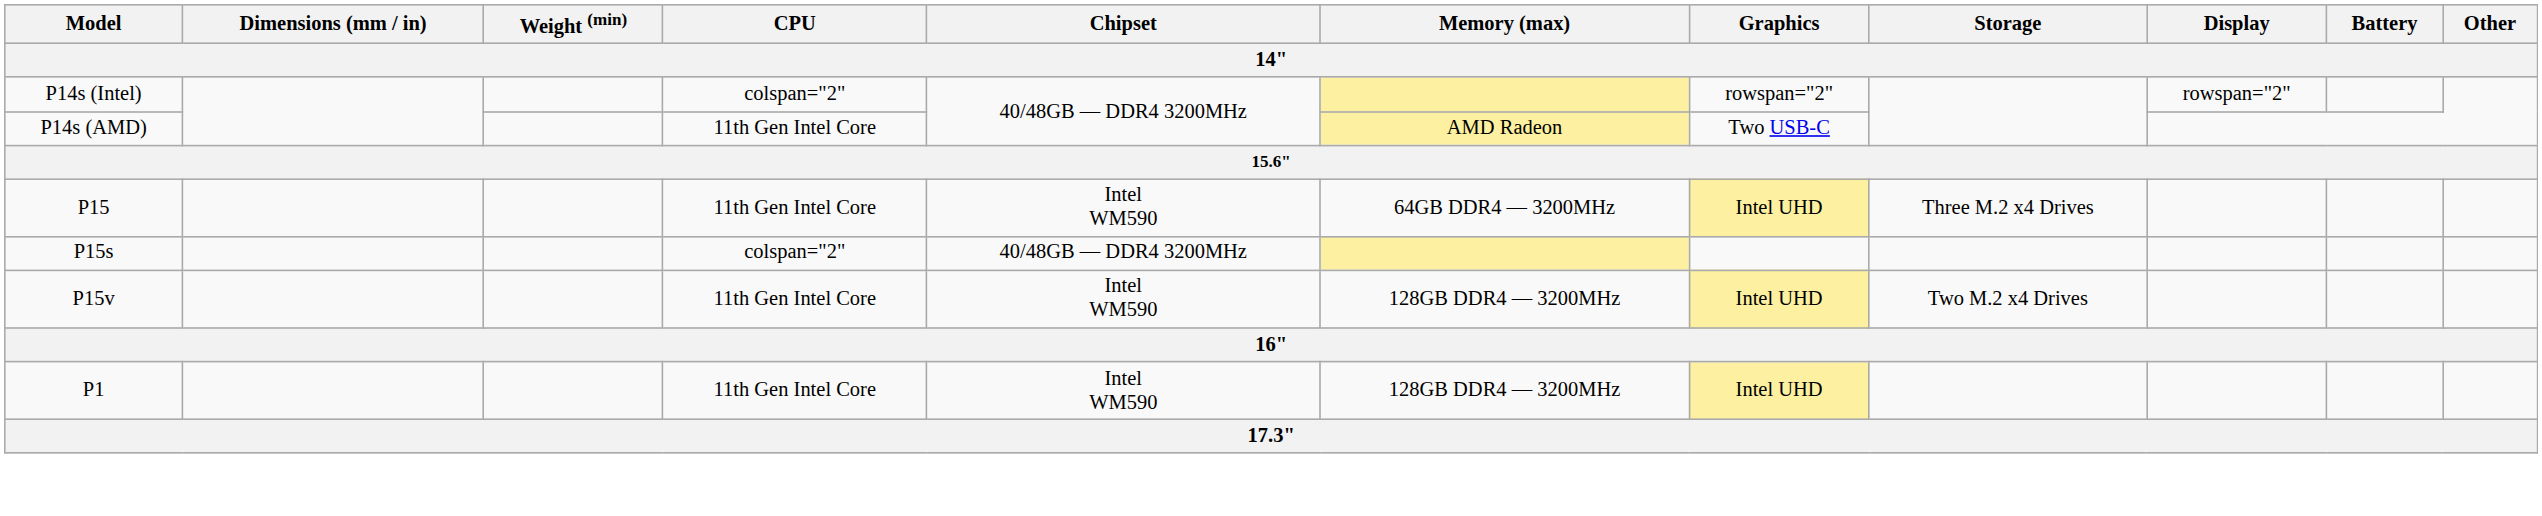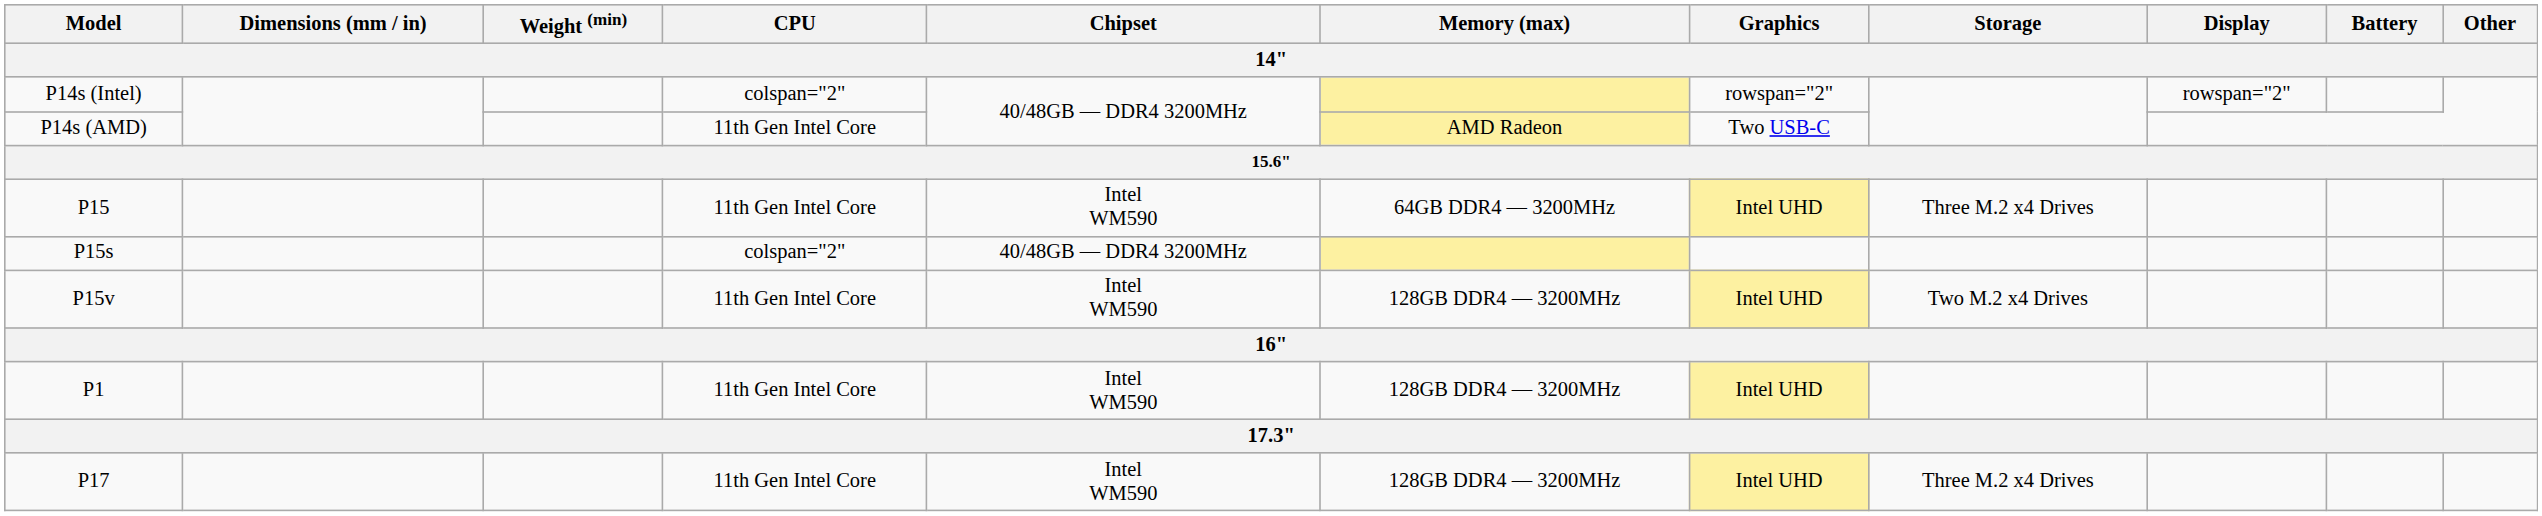 <table class="wikitable" style="font-size: 80%; text-align: center; min-width: 100%;">
 <tr>
 <th>Model</th>
 <th>Dimensions (mm / in)</th>
 <th>Weight <sup>(min)</sup></th>
 <th>CPU</th>
 <th>Chipset</th>
 <th>Memory (max)</th>
 <th>Graphics</th>
 <th>Storage</th>
 <th>Display</th>
 <th>Battery</th>
 <th>Other</th>
 </tr>
 <tr>
 <th colspan="11">14"</th>
 </tr>
 <tr>
 <td>P14s  (Intel)</td>
 <td rowspan="2"></td>
 <td></td>
 <td>colspan="2" </td>
 <td rowspan="2" style="background:">40/48GB — DDR4 3200MHz<br> </td>
 <td style="background:#fdf1a1;"><br></td>
 <td>rowspan="2" </td>
 <td rowspan="2" style="background:"> <br>     </td>
 <td>rowspan="2" </td>
 <td></td>
 </tr>
 <tr>
 <td>P14s  (AMD)</td>
 <td></td>
 <td style="background:">11th Gen Intel Core<br></td>
 <td style="background:#fdf1a1;">AMD Radeon</td>
 <td>Two <a href='#'>USB-C</a></td>
 </tr>
 <tr>
 <th colspan="11"><small>15.6"</small></th>
 </tr>
 <tr>
 <td>P15 </td>
 <td></td>
 <td></td>
 <td style="background:">11th Gen Intel Core<br></td>
 <td>Intel<br>WM590</td>
 <td style="background:">64GB DDR4 — 3200MHz<br></td>
 <td style="background:#fdf1a1;">Intel UHD <br></td>
 <td>Three M.2 x4 Drives</td>
 <td style="background:"> <br>   </td>
 <td></td>
 <td></td>
 </tr>
 <tr>
 <td>P15s </td>
 <td></td>
 <td></td>
 <td>colspan="2" </td>
 <td style="background:">40/48GB — DDR4 3200MHz<br> </td>
 <td style="background:#fdf1a1;"><br></td>
 <td></td>
 <td style="background:"> <br>   </td>
 <td></td>
 <td></td>
 </tr>
 <tr>
 <td>P15v </td>
 <td></td>
 <td></td>
 <td style="background:">11th Gen Intel Core<br></td>
 <td>Intel<br>WM590</td>
 <td style="background:">128GB DDR4 — 3200MHz<br></td>
 <td style="background:#fdf1a1;">Intel UHD <br></td>
 <td>Two M.2 x4 Drives</td>
 <td style="background:"> <br>   </td>
 <td></td>
 <td></td>
 </tr>
 <tr>
 <th colspan="11">16"</th>
 </tr>
 <tr>
 <td>P1 </td>
 <td></td>
 <td></td>
 <td style="background:">11th Gen Intel Core<br></td>
 <td>Intel<br>WM590</td>
 <td style="background:">128GB DDR4 — 3200MHz<br></td>
 <td style="background:#fdf1a1;">Intel UHD <br></td>
 <td></td>
 <td style="background:"> <br>   </td>
 <td></td>
 <td></td>
 </tr>
 <tr>
 <th colspan="11">17.3"</th>
 </tr>
+<tr>
+<td>P17 </td>
+<td></td>
+<td></td>
+<td style="background:">11th Gen Intel Core<br></td>
+<td>Intel<br>WM590</td>
+<td style="background:">128GB DDR4 — 3200MHz<br></td>
+<td style="background:#fdf1a1;">Intel UHD <br></td>
+<td>Three M.2 x4 Drives</td>
+<td style="background:"> <br> </td>
+<td></td>
+<td></td>
+</tr>
 </table>
